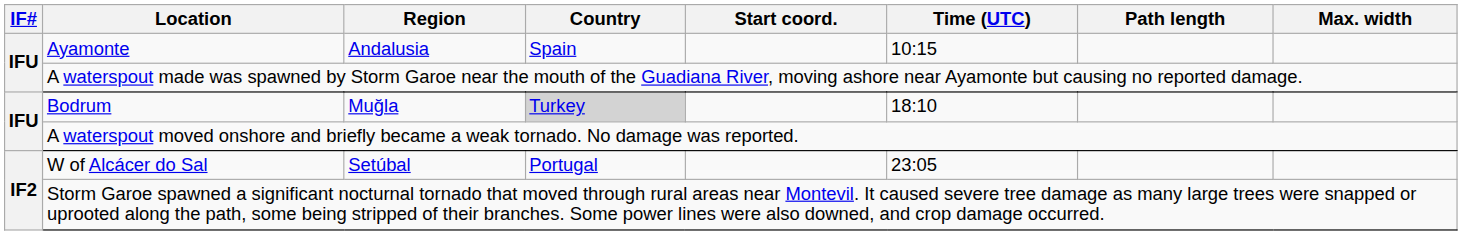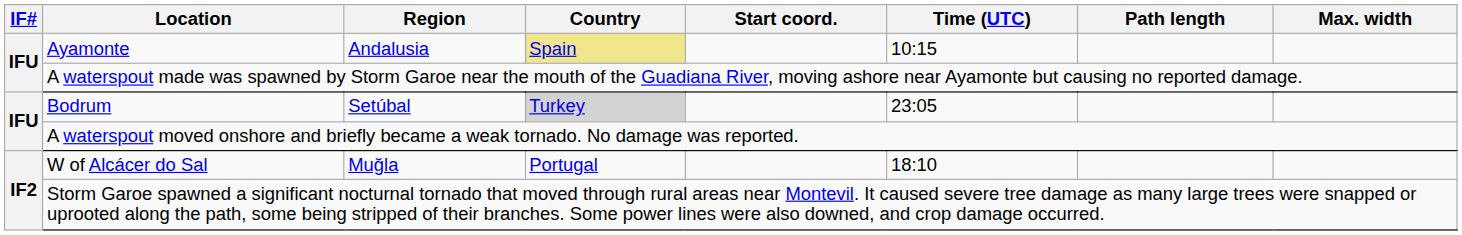 <table class="wikitable sortable" style="width:100%;">
 <tr>
 <th scope="col" width="2%" align="center"><a href='#'>IF#</a></th>
 <th scope="col" align="center" class="unsortable">Location</th>
 <th scope="col" align="center" class="unsortable">Region</th>
 <th scope="col" align="center">Country</th>
 <th scope="col" align="center">Start coord.</th>
 <th scope="col" align="center">Time (<a href='#'>UTC</a>)</th>
 <th scope="col" align="center">Path length</th>
 <th scope="col" align="center">Max. width</th>
 </tr>
 <tr>
 <th scope="row" rowspan="2" style="background-color:#">IFU</th>
 <td><a href='#'>Ayamonte</a></td>
 <td><a href='#'>Andalusia</a></td>
-<td><a href='#'>Spain</a></td>
+<td style="background: khaki;"><a href='#'>Spain</a></td>
 <td></td>
 <td>10:15</td>
 <td></td>
 <td></td>
 </tr>
 <tr class="expand-child">
 <td colspan="8" style=" border-bottom: 1px solid black;">A <a href='#'>waterspout</a> made was spawned by Storm Garoe near the mouth of the <a href='#'>Guadiana River</a>, moving ashore near Ayamonte but causing no reported damage. </td>
 </tr>
 <tr>
 <th scope="row" rowspan="2" style="background-color:#">IFU</th>
 <td><a href='#'>Bodrum</a></td>
-<td><a href='#'>Muğla</a></td>
+<td><a href='#'>Setúbal</a></td>
 <td style="background: lightgrey;"><a href='#'>Turkey</a></td>
 <td></td>
-<td>18:10</td>
+<td>23:05</td>
 <td></td>
 <td></td>
 </tr>
 <tr class="expand-child">
 <td colspan="8" style=" border-bottom: 1px solid black;">A <a href='#'>waterspout</a> moved onshore and briefly became a weak tornado. No damage was reported.</td>
 </tr>
 <tr>
 <th scope="row" rowspan="2" style="background-color:#">IF2</th>
 <td>W of <a href='#'>Alcácer do Sal</a></td>
-<td><a href='#'>Setúbal</a></td>
+<td><a href='#'>Muğla</a></td>
 <td><a href='#'>Portugal</a></td>
 <td></td>
-<td>23:05</td>
+<td>18:10</td>
 <td></td>
 <td></td>
 </tr>
 <tr class="expand-child">
 <td colspan="8" style=" border-bottom: 1px solid black;">Storm Garoe spawned a significant nocturnal tornado that moved through rural areas near <a href='#'>Montevil</a>. It caused severe tree damage as many large trees were snapped or uprooted along the path, some being stripped of their branches. Some power lines were also downed, and crop damage occurred.</td>
 </tr>
 </table>
